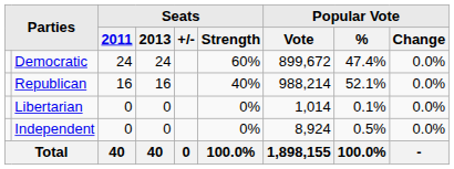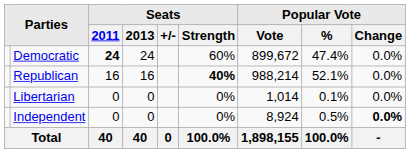 <table class=wikitable>
 <tr>
 <th style="background-color:#E9E9E9" align=center rowspan= 2 colspan=2>Parties</th>
 <th style="background-color:#E9E9E9" align=center colspan=4>Seats</th>
 <th style="background-color:#E9E9E9" align=center colspan=3>Popular Vote</th>
 </tr>
 <tr>
 <th align=center><a href='#'>2011</a></th>
 <th align=center>2013</th>
 <th align=center>+/-</th>
 <th align=center>Strength</th>
 <th align=center>Vote</th>
 <th align=center>%</th>
 <th align=center>Change</th>
 </tr>
 <tr>
 <td></td>
 <td align=left><a href='#'>Democratic</a></td>
-<td align=right >24</td>
+<td align=right ><strong>24</strong></td>
 <td align=right >24</td>
 <td align=right></td>
 <td align=right >60%</td>
 <td align=right>899,672</td>
 <td align=right>47.4%</td>
 <td align=right>0.0%</td>
 </tr>
 <tr>
 <td></td>
 <td align=left><a href='#'>Republican</a></td>
 <td align=right>16</td>
 <td align=right>16</td>
 <td align=right></td>
-<td align=right>40%</td>
+<td align=right><strong>40%</strong></td>
 <td align=right >988,214</td>
 <td align=right >52.1%</td>
 <td align=right>0.0%</td>
 </tr>
 <tr>
 <td></td>
 <td><a href='#'>Libertarian</a></td>
 <td align=right>0</td>
 <td align=right>0</td>
 <td align=right></td>
 <td align=right>0%</td>
 <td align=right>1,014</td>
 <td align=right>0.1%</td>
 <td align=right>0.0%</td>
 </tr>
 <tr>
 <td></td>
 <td><a href='#'>Independent</a></td>
 <td align=right>0</td>
 <td align=right>0</td>
 <td align=right></td>
 <td align=right>0%</td>
 <td align=right>8,924</td>
 <td align=right>0.5%</td>
-<td align=right>0.0%</td>
+<td align=right><strong>0.0%</strong></td>
 </tr>
 <tr>
 <th align=center colspan="2">Total</th>
 <th align=center>40</th>
 <th align=center>40</th>
 <th align=center>0</th>
 <th align=center>100.0%</th>
 <th align=center>1,898,155</th>
 <th align=center>100.0%</th>
 <th align=center>-</th>
 </tr>
 </table>
